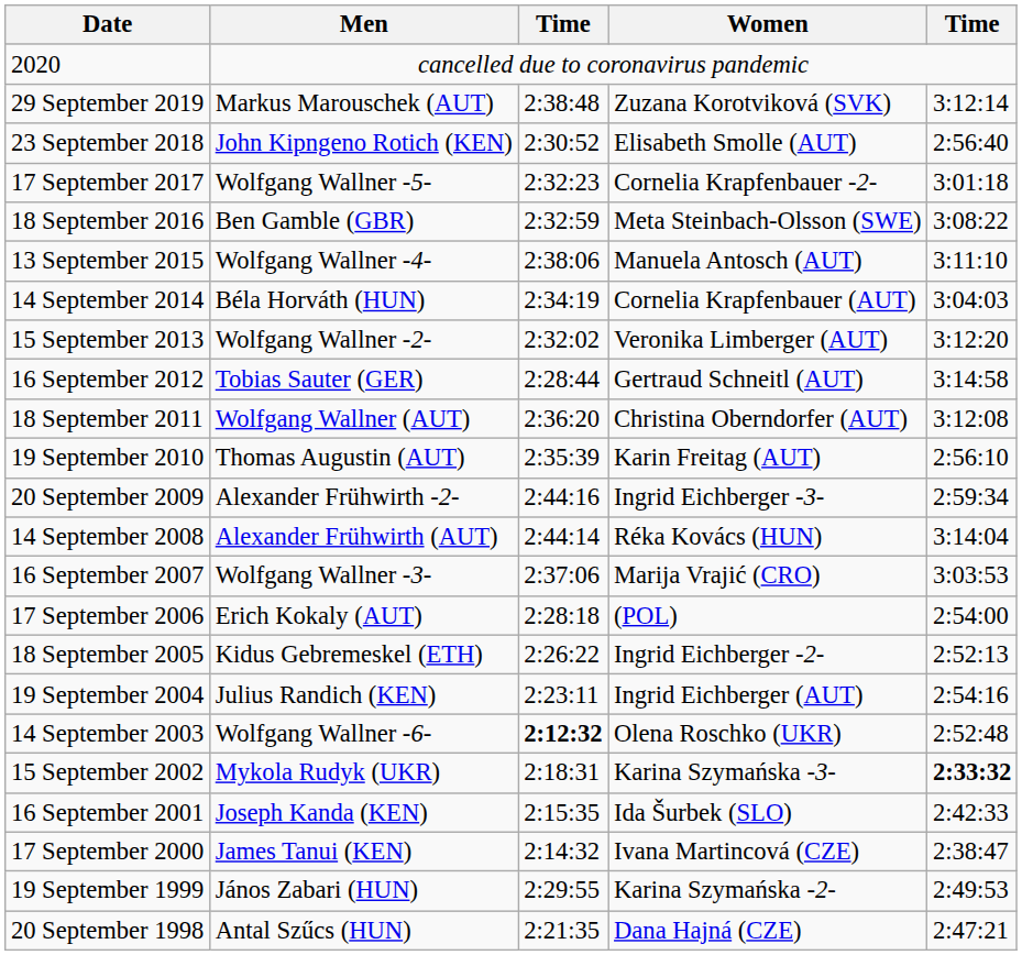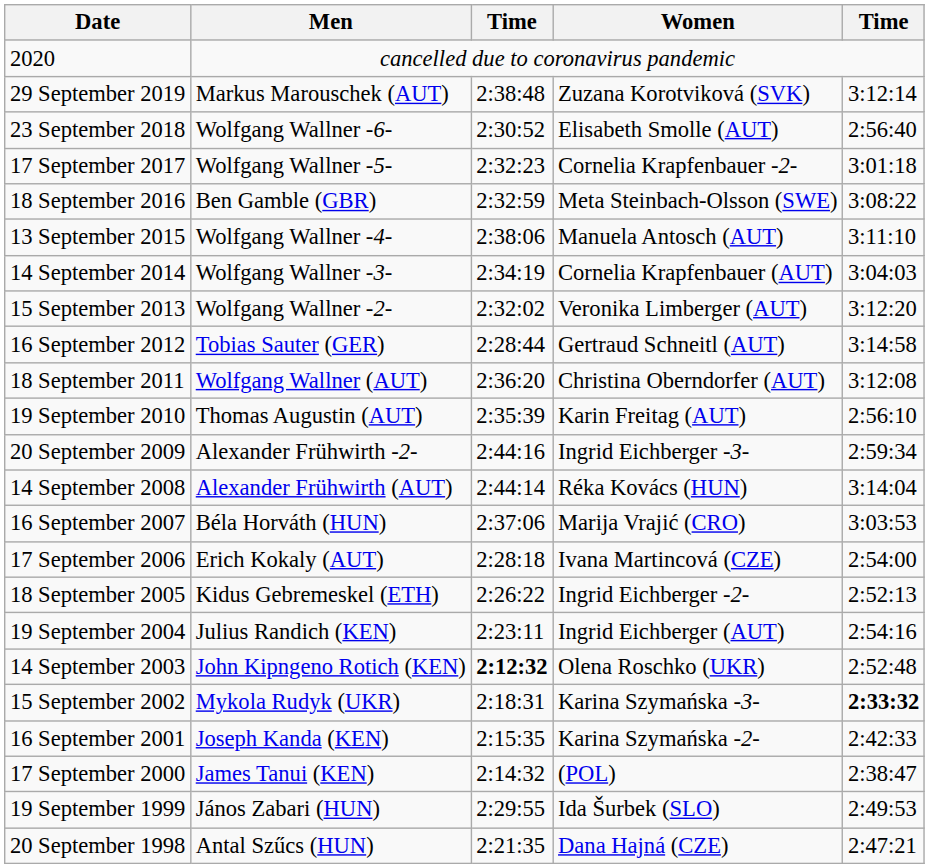 <table class="wikitable sortable">
 <tr>
 <th>Date</th>
 <th>Men</th>
 <th>Time</th>
 <th>Women</th>
 <th>Time</th>
 </tr>
 <tr>
 <td>2020</td>
 <td colspan="4" align="center" data-sort-value=""><em>cancelled due to coronavirus pandemic</em></td>
 </tr>
 <tr>
 <td>29 September 2019</td>
 <td>Markus Marouschek (<a href='#'>AUT</a>)</td>
 <td>2:38:48</td>
 <td>Zuzana Korotviková (<a href='#'>SVK</a>)</td>
 <td>3:12:14</td>
 </tr>
 <tr>
 <td>23 September 2018</td>
-<td><a href='#'>John Kipngeno Rotich</a> (<a href='#'>KEN</a>)</td>
+<td>Wolfgang Wallner <em>-6-</em></td>
 <td>2:30:52</td>
 <td>Elisabeth Smolle (<a href='#'>AUT</a>)</td>
 <td>2:56:40</td>
 </tr>
 <tr>
 <td>17 September 2017</td>
 <td>Wolfgang Wallner <em>-5-</em></td>
 <td>2:32:23</td>
 <td>Cornelia Krapfenbauer <em>-2-</em></td>
 <td>3:01:18</td>
 </tr>
 <tr>
 <td>18 September 2016</td>
 <td>Ben Gamble (<a href='#'>GBR</a>)</td>
 <td>2:32:59</td>
 <td>Meta Steinbach-Olsson (<a href='#'>SWE</a>)</td>
 <td>3:08:22</td>
 </tr>
 <tr>
 <td>13 September 2015</td>
 <td>Wolfgang Wallner <em>-4-</em></td>
 <td>2:38:06</td>
 <td>Manuela Antosch (<a href='#'>AUT</a>)</td>
 <td>3:11:10</td>
 </tr>
 <tr>
 <td>14 September 2014</td>
-<td>Béla Horváth (<a href='#'>HUN</a>)</td>
+<td>Wolfgang Wallner <em>-3-</em></td>
 <td>2:34:19</td>
 <td>Cornelia Krapfenbauer (<a href='#'>AUT</a>)</td>
 <td>3:04:03</td>
 </tr>
 <tr>
 <td>15 September 2013</td>
 <td>Wolfgang Wallner <em>-2-</em></td>
 <td>2:32:02</td>
 <td>Veronika Limberger (<a href='#'>AUT</a>)</td>
 <td>3:12:20</td>
 </tr>
 <tr>
 <td>16 September 2012</td>
 <td><a href='#'>Tobias Sauter</a> (<a href='#'>GER</a>)</td>
 <td>2:28:44</td>
 <td>Gertraud Schneitl (<a href='#'>AUT</a>)</td>
 <td>3:14:58</td>
 </tr>
 <tr>
 <td>18 September 2011</td>
 <td><a href='#'>Wolfgang Wallner</a> (<a href='#'>AUT</a>)</td>
 <td>2:36:20</td>
 <td>Christina Oberndorfer (<a href='#'>AUT</a>)</td>
 <td>3:12:08</td>
 </tr>
 <tr>
 <td>19 September 2010</td>
 <td>Thomas Augustin (<a href='#'>AUT</a>)</td>
 <td>2:35:39</td>
 <td>Karin Freitag (<a href='#'>AUT</a>)</td>
 <td>2:56:10</td>
 </tr>
 <tr>
 <td>20 September 2009</td>
 <td>Alexander Frühwirth <em>-2-</em></td>
 <td>2:44:16</td>
 <td>Ingrid Eichberger <em>-3-</em></td>
 <td>2:59:34</td>
 </tr>
 <tr>
 <td>14 September 2008</td>
 <td><a href='#'>Alexander Frühwirth</a> (<a href='#'>AUT</a>)</td>
 <td>2:44:14</td>
 <td>Réka Kovács (<a href='#'>HUN</a>)</td>
 <td>3:14:04</td>
 </tr>
 <tr>
 <td>16 September 2007</td>
-<td>Wolfgang Wallner <em>-3-</em></td>
+<td>Béla Horváth (<a href='#'>HUN</a>)</td>
 <td>2:37:06</td>
 <td>Marija Vrajić (<a href='#'>CRO</a>)</td>
 <td>3:03:53</td>
 </tr>
 <tr>
 <td>17 September 2006</td>
 <td>Erich Kokaly (<a href='#'>AUT</a>)</td>
 <td>2:28:18</td>
-<td> (<a href='#'>POL</a>)</td>
+<td>Ivana Martincová (<a href='#'>CZE</a>)</td>
 <td>2:54:00</td>
 </tr>
 <tr>
 <td>18 September 2005</td>
 <td>Kidus Gebremeskel (<a href='#'>ETH</a>)</td>
 <td>2:26:22</td>
 <td>Ingrid Eichberger <em>-2-</em></td>
 <td>2:52:13</td>
 </tr>
 <tr>
 <td>19 September 2004</td>
 <td>Julius Randich (<a href='#'>KEN</a>)</td>
 <td>2:23:11</td>
 <td>Ingrid Eichberger (<a href='#'>AUT</a>)</td>
 <td>2:54:16</td>
 </tr>
 <tr>
 <td>14 September 2003</td>
-<td>Wolfgang Wallner <em>-6-</em></td>
+<td><a href='#'>John Kipngeno Rotich</a> (<a href='#'>KEN</a>)</td>
 <td><strong>2:12:32</strong></td>
 <td>Olena Roschko (<a href='#'>UKR</a>)</td>
 <td>2:52:48</td>
 </tr>
 <tr>
 <td>15 September 2002</td>
 <td><a href='#'>Mykola Rudyk</a> (<a href='#'>UKR</a>)</td>
 <td>2:18:31</td>
 <td>Karina Szymańska <em>-3-</em></td>
 <td><strong>2:33:32</strong></td>
 </tr>
 <tr>
 <td>16 September 2001</td>
 <td><a href='#'>Joseph Kanda</a> (<a href='#'>KEN</a>)</td>
 <td>2:15:35</td>
-<td>Ida Šurbek (<a href='#'>SLO</a>)</td>
+<td>Karina Szymańska <em>-2-</em></td>
 <td>2:42:33</td>
 </tr>
 <tr>
 <td>17 September 2000</td>
 <td><a href='#'>James Tanui</a> (<a href='#'>KEN</a>)</td>
 <td>2:14:32</td>
-<td>Ivana Martincová (<a href='#'>CZE</a>)</td>
+<td> (<a href='#'>POL</a>)</td>
 <td>2:38:47</td>
 </tr>
 <tr>
 <td>19 September 1999</td>
 <td>János Zabari (<a href='#'>HUN</a>)</td>
 <td>2:29:55</td>
-<td>Karina Szymańska <em>-2-</em></td>
+<td>Ida Šurbek (<a href='#'>SLO</a>)</td>
 <td>2:49:53</td>
 </tr>
 <tr>
 <td>20 September 1998</td>
 <td>Antal Szűcs (<a href='#'>HUN</a>)</td>
 <td>2:21:35</td>
 <td><a href='#'>Dana Hajná</a> (<a href='#'>CZE</a>)</td>
 <td>2:47:21</td>
 </tr>
 </table>
